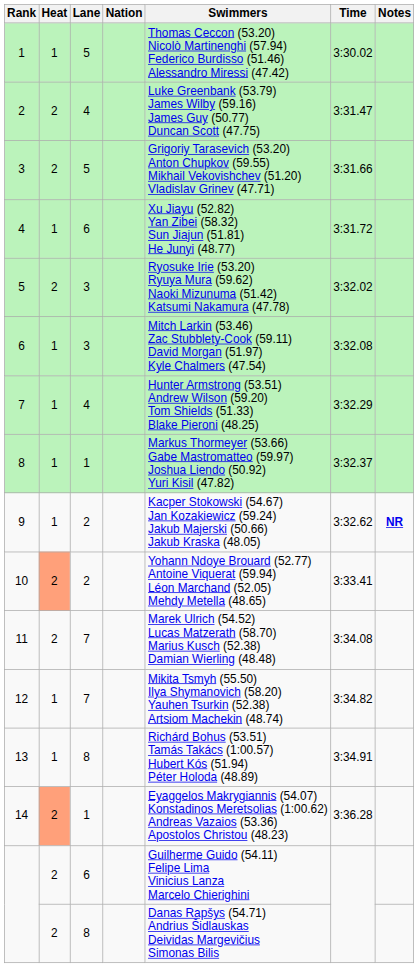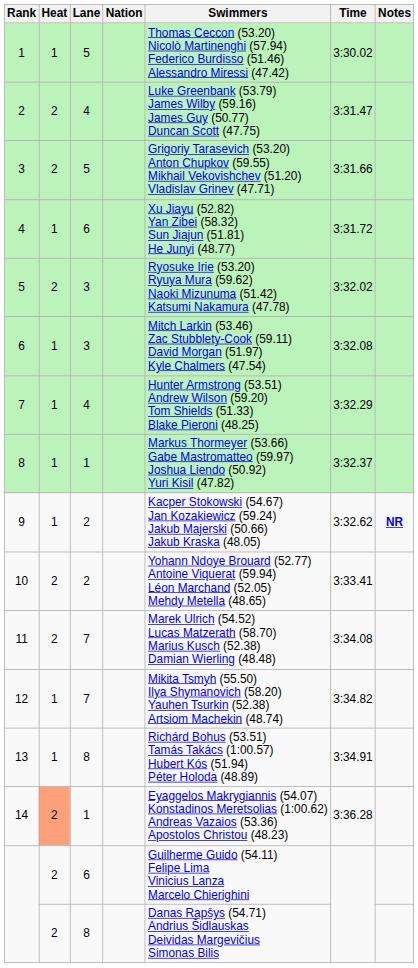 <table class="wikitable sortable" style="text-align:center">
 <tr>
 <th>Rank</th>
 <th>Heat</th>
 <th>Lane</th>
 <th>Nation</th>
 <th>Swimmers</th>
 <th>Time</th>
 <th>Notes</th>
 </tr>
 <tr bgcolor=bbf3bb>
 <td>1</td>
 <td>1</td>
 <td>5</td>
 <td align=left></td>
 <td align=left><a href='#'>Thomas Ceccon</a> (53.20)<br><a href='#'>Nicolò Martinenghi</a> (57.94)<br><a href='#'>Federico Burdisso</a> (51.46)<br><a href='#'>Alessandro Miressi</a> (47.42)</td>
 <td>3:30.02</td>
 <td></td>
 </tr>
 <tr bgcolor=bbf3bb>
 <td>2</td>
 <td>2</td>
 <td>4</td>
 <td align=left></td>
 <td align=left><a href='#'>Luke Greenbank</a> (53.79)<br><a href='#'>James Wilby</a> (59.16)<br><a href='#'>James Guy</a> (50.77)<br><a href='#'>Duncan Scott</a> (47.75)</td>
 <td>3:31.47</td>
 <td></td>
 </tr>
 <tr bgcolor=bbf3bb>
 <td>3</td>
 <td>2</td>
 <td>5</td>
 <td align=left></td>
 <td align=left><a href='#'>Grigoriy Tarasevich</a> (53.20)<br><a href='#'>Anton Chupkov</a> (59.55)<br><a href='#'>Mikhail Vekovishchev</a> (51.20)<br><a href='#'>Vladislav Grinev</a> (47.71)</td>
 <td>3:31.66</td>
 <td></td>
 </tr>
 <tr bgcolor=bbf3bb>
 <td>4</td>
 <td>1</td>
 <td>6</td>
 <td align=left></td>
 <td align=left><a href='#'>Xu Jiayu</a> (52.82)<br><a href='#'>Yan Zibei</a> (58.32)<br><a href='#'>Sun Jiajun</a> (51.81)<br><a href='#'>He Junyi</a> (48.77)</td>
 <td>3:31.72</td>
 <td></td>
 </tr>
 <tr bgcolor=bbf3bb>
 <td>5</td>
 <td>2</td>
 <td>3</td>
 <td align=left></td>
 <td align=left><a href='#'>Ryosuke Irie</a> (53.20)<br><a href='#'>Ryuya Mura</a> (59.62)<br><a href='#'>Naoki Mizunuma</a> (51.42)<br><a href='#'>Katsumi Nakamura</a> (47.78)</td>
 <td>3:32.02</td>
 <td></td>
 </tr>
 <tr bgcolor=bbf3bb>
 <td>6</td>
 <td>1</td>
 <td>3</td>
 <td align=left></td>
 <td align=left><a href='#'>Mitch Larkin</a> (53.46)<br><a href='#'>Zac Stubblety-Cook</a> (59.11)<br><a href='#'>David Morgan</a> (51.97)<br><a href='#'>Kyle Chalmers</a> (47.54)</td>
 <td>3:32.08</td>
 <td></td>
 </tr>
 <tr bgcolor=bbf3bb>
 <td>7</td>
 <td>1</td>
 <td>4</td>
 <td align=left></td>
 <td align=left><a href='#'>Hunter Armstrong</a> (53.51)<br><a href='#'>Andrew Wilson</a> (59.20)<br><a href='#'>Tom Shields</a> (51.33)<br><a href='#'>Blake Pieroni</a> (48.25)</td>
 <td>3:32.29</td>
 <td></td>
 </tr>
 <tr bgcolor=bbf3bb>
 <td>8</td>
 <td>1</td>
 <td>1</td>
 <td align=left></td>
 <td align=left><a href='#'>Markus Thormeyer</a> (53.66)<br><a href='#'>Gabe Mastromatteo</a> (59.97)<br><a href='#'>Joshua Liendo</a> (50.92)<br><a href='#'>Yuri Kisil</a> (47.82)</td>
 <td>3:32.37</td>
 <td></td>
 </tr>
 <tr>
 <td>9</td>
 <td>1</td>
 <td>2</td>
 <td align=left></td>
 <td align=left><a href='#'>Kacper Stokowski</a> (54.67)<br><a href='#'>Jan Kozakiewicz</a> (59.24)<br><a href='#'>Jakub Majerski</a> (50.66)<br><a href='#'>Jakub Kraska</a> (48.05)</td>
 <td>3:32.62</td>
 <td><strong><a href='#'>NR</a></strong></td>
 </tr>
 <tr>
 <td>10</td>
-<td style="background: lightsalmon;">2</td>
+<td>2</td>
 <td>2</td>
 <td align=left></td>
 <td align=left><a href='#'>Yohann Ndoye Brouard</a> (52.77)<br><a href='#'>Antoine Viquerat</a> (59.94)<br><a href='#'>Léon Marchand</a> (52.05)<br><a href='#'>Mehdy Metella</a> (48.65)</td>
 <td>3:33.41</td>
 <td></td>
 </tr>
 <tr>
 <td>11</td>
 <td>2</td>
 <td>7</td>
 <td align=left></td>
 <td align=left><a href='#'>Marek Ulrich</a> (54.52)<br><a href='#'>Lucas Matzerath</a> (58.70)<br><a href='#'>Marius Kusch</a> (52.38)<br><a href='#'>Damian Wierling</a> (48.48)</td>
 <td>3:34.08</td>
 <td></td>
 </tr>
 <tr>
 <td>12</td>
 <td>1</td>
 <td>7</td>
 <td align=left></td>
 <td align=left><a href='#'>Mikita Tsmyh</a> (55.50)<br><a href='#'>Ilya Shymanovich</a> (58.20)<br><a href='#'>Yauhen Tsurkin</a> (52.38)<br><a href='#'>Artsiom Machekin</a> (48.74)</td>
 <td>3:34.82</td>
 <td></td>
 </tr>
 <tr>
 <td>13</td>
 <td>1</td>
 <td>8</td>
 <td align=left></td>
 <td align=left><a href='#'>Richárd Bohus</a> (53.51)<br><a href='#'>Tamás Takács</a> (1:00.57)<br><a href='#'>Hubert Kós</a> (51.94)<br><a href='#'>Péter Holoda</a> (48.89)</td>
 <td>3:34.91</td>
 <td></td>
 </tr>
 <tr>
 <td>14</td>
 <td style="background: lightsalmon;">2</td>
 <td>1</td>
 <td align=left></td>
 <td align=left><a href='#'>Eyaggelos Makrygiannis</a> (54.07)<br><a href='#'>Konstadinos Meretsolias</a> (1:00.62)<br><a href='#'>Andreas Vazaios</a> (53.36)<br><a href='#'>Apostolos Christou</a> (48.23)</td>
 <td>3:36.28</td>
 <td></td>
 </tr>
 <tr>
 <td rowspan=2></td>
 <td>2</td>
 <td>6</td>
 <td align=left></td>
 <td align=left><a href='#'>Guilherme Guido</a> (54.11)<br><a href='#'>Felipe Lima</a><br><a href='#'>Vinicius Lanza</a><br><a href='#'>Marcelo Chierighini</a></td>
 <td rowspan=2></td>
 <td></td>
 </tr>
 <tr>
 <td>2</td>
 <td>8</td>
 <td align=left></td>
 <td align=left><a href='#'>Danas Rapšys</a> (54.71)<br><a href='#'>Andrius Šidlauskas</a><br><a href='#'>Deividas Margevičius</a><br><a href='#'>Simonas Bilis</a></td>
 <td></td>
 </tr>
 </table>
